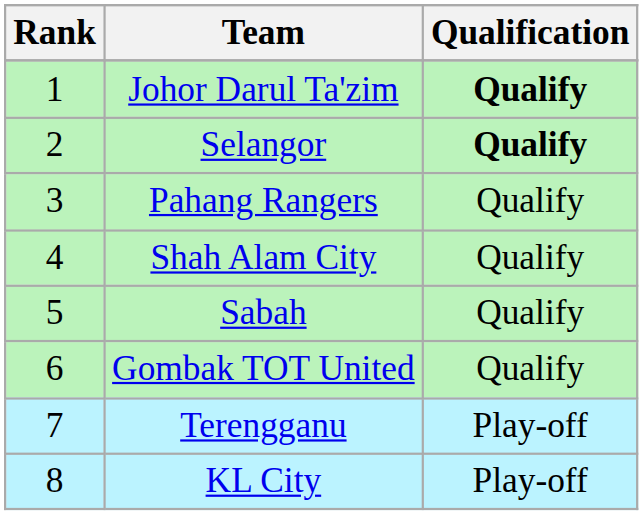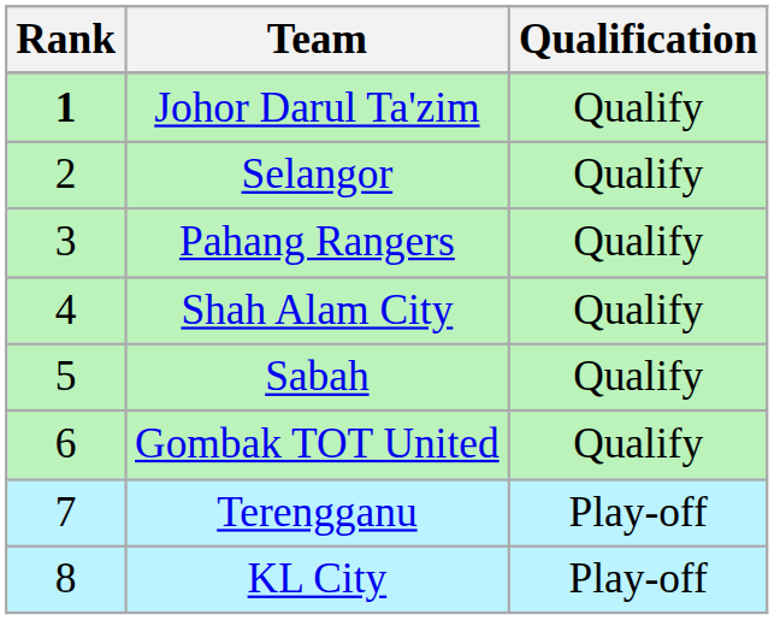 <table class="wikitable" style="text-align:center">
 <tr>
 </tr>
 <tr>
 <th>Rank</th>
 <th>Team</th>
 <th>Qualification</th>
 </tr>
 <tr>
 </tr>
 <tr bgcolor=#BBF3BB>
-<td>1</td>
+<td><strong>1</strong></td>
 <td><a href='#'>Johor Darul Ta'zim</a></td>
-<td><strong>Qualify</strong></td>
+<td>Qualify</td>
 </tr>
 <tr bgcolor=#BBF3BB>
 <td>2</td>
 <td><a href='#'>Selangor</a></td>
-<td><strong>Qualify</strong></td>
+<td>Qualify</td>
 </tr>
 <tr bgcolor=#BBF3BB>
 <td>3</td>
 <td><a href='#'>Pahang Rangers</a></td>
 <td>Qualify</td>
 </tr>
 <tr bgcolor=#BBF3BB>
 <td>4</td>
 <td><a href='#'>Shah Alam City</a></td>
 <td>Qualify</td>
 </tr>
 <tr bgcolor=#BBF3BB>
 <td>5</td>
 <td><a href='#'>Sabah</a></td>
 <td>Qualify</td>
 </tr>
 <tr bgcolor=#BBF3BB>
 <td>6</td>
 <td><a href='#'>Gombak TOT United</a></td>
 <td>Qualify</td>
 </tr>
 <tr bgcolor=#BBF3FF>
 <td>7</td>
 <td><a href='#'>Terengganu</a></td>
 <td>Play-off</td>
 </tr>
 <tr bgcolor=#BBF3FF>
 <td>8</td>
 <td><a href='#'>KL City</a></td>
 <td>Play-off</td>
 </tr>
 </table>
